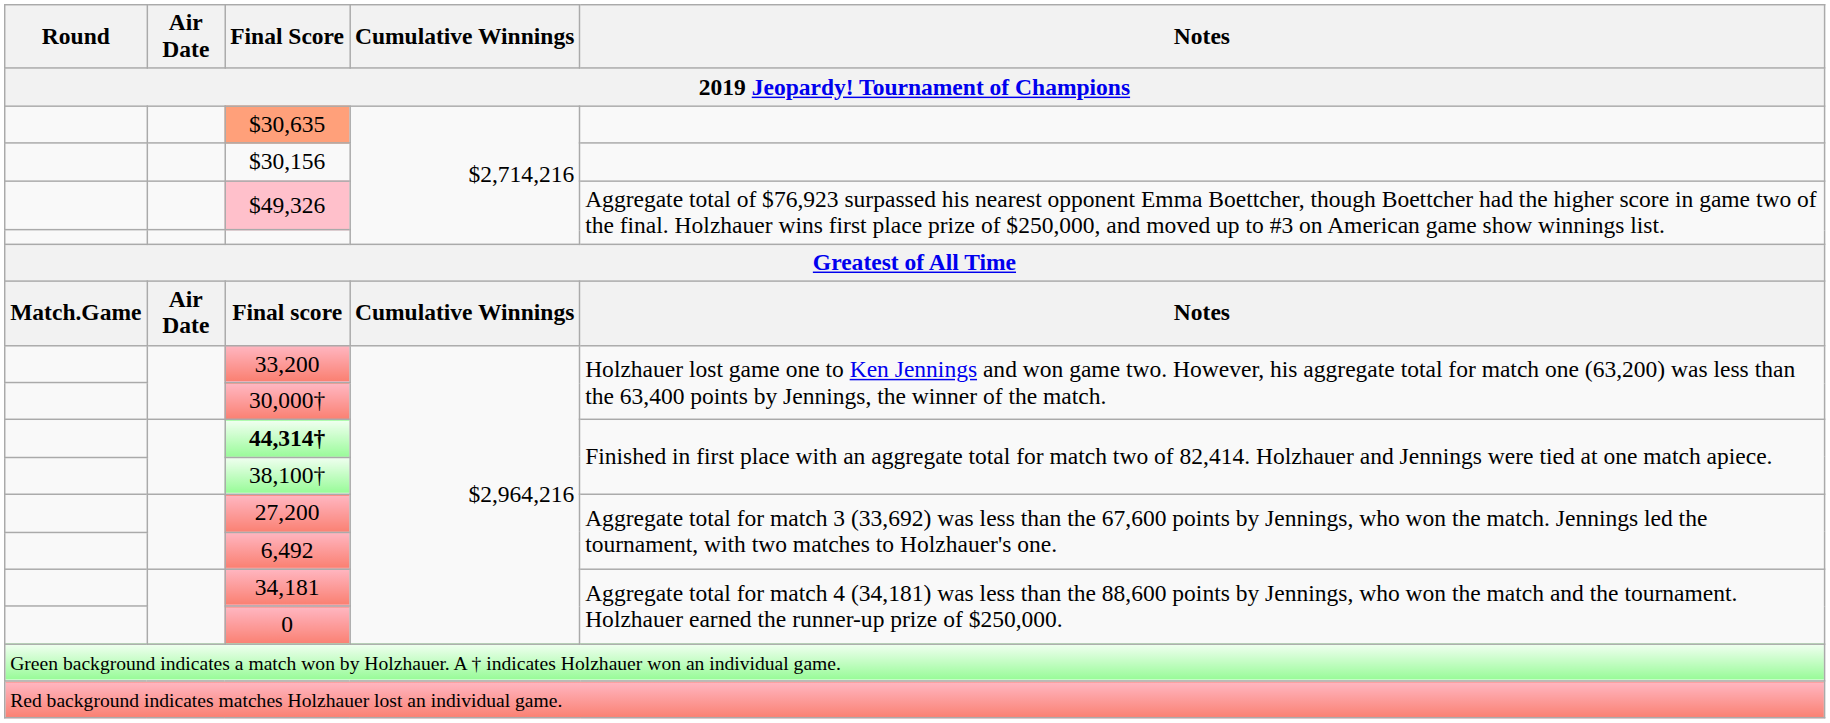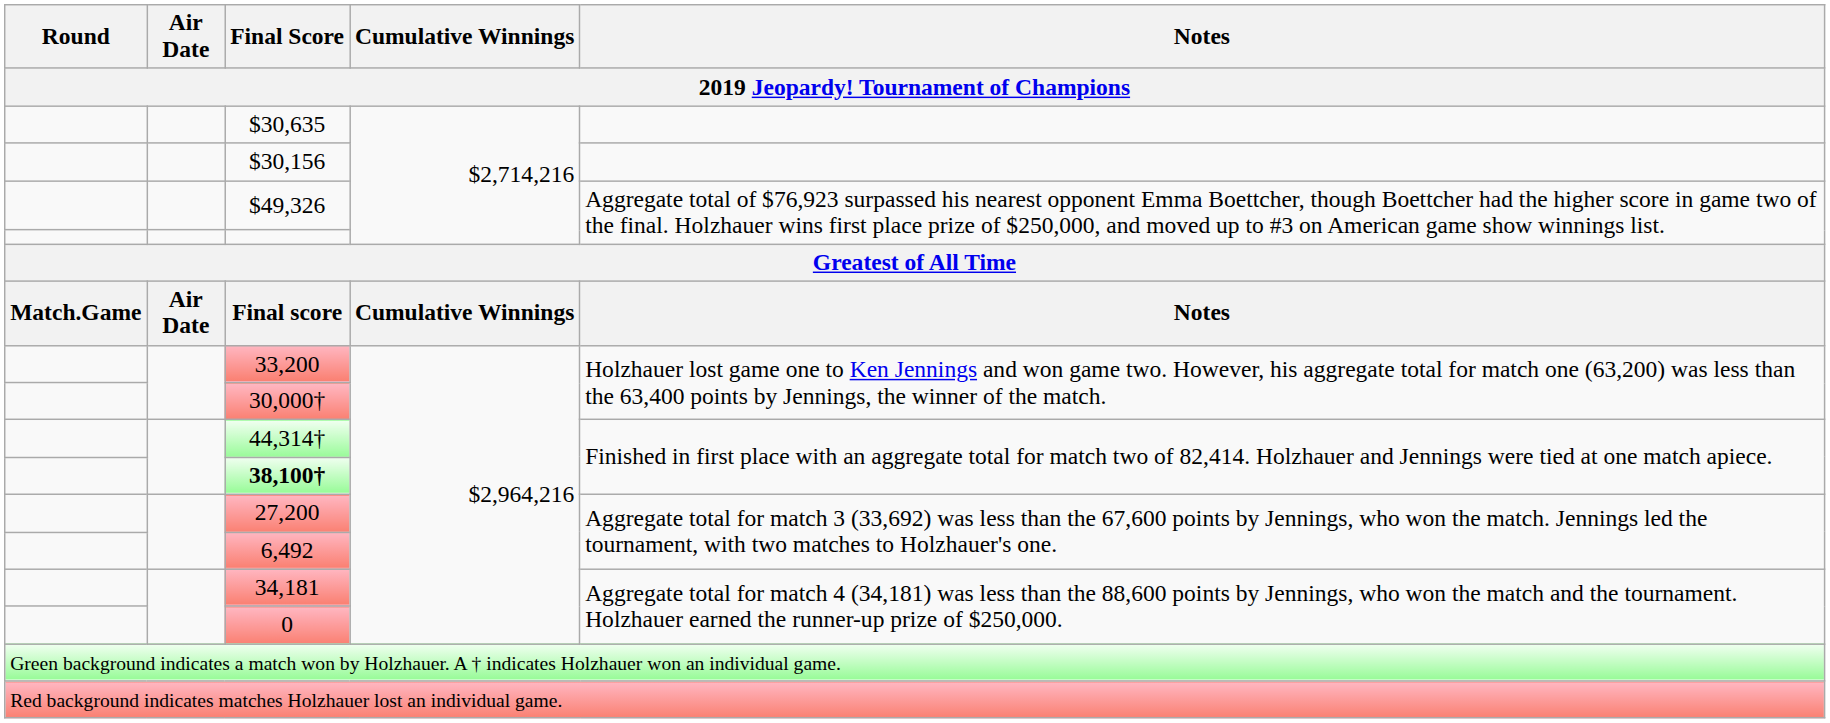 <table class="wikitable sortable mw-collapsible mw-collapsed" style="width:98%;">
 <tr>
 <th>Round</th>
 <th>Air Date</th>
 <th style="white-space:nowrap;">Final Score</th>
 <th style="white-space:nowrap;">Cumulative Winnings</th>
 <th>Notes</th>
 </tr>
 <tr>
 <th colspan=5>2019 <a href='#'>Jeopardy! Tournament of Champions</a></th>
 </tr>
 <tr>
 <td></td>
 <td></td>
-<td style="background: lightsalmon; text-align: center;">$30,635</td>
+<td style="text-align: center;">$30,635</td>
 <td rowspan="4"; style="text-align: right;">$2,714,216</td>
 <td style="text-align: center;"></td>
 </tr>
 <tr>
 <td></td>
 <td></td>
 <td style="text-align: center;">$30,156</td>
 <td style="text-align: center;"></td>
 </tr>
 <tr>
 <td></td>
 <td></td>
-<td style="background: pink; text-align: center;">$49,326</td>
+<td style="text-align: center;">$49,326</td>
 <td rowspan="2";>Aggregate total of $76,923 surpassed his nearest opponent Emma Boettcher, though Boettcher had the higher score in game two of the final. Holzhauer wins first place prize of $250,000, and moved up to #3 on American game show winnings list.</td>
 </tr>
 <tr>
 <td></td>
 <td></td>
 <td></td>
 </tr>
 <tr>
 <th colspan=5><a href='#'>Greatest of All Time</a></th>
 </tr>
 <tr>
 <th style="white-space:nowrap;">Match.Game</th>
 <th>Air Date</th>
 <th>Final score</th>
 <th>Cumulative Winnings</th>
 <th>Notes</th>
 </tr>
 <tr>
 <td></td>
 <td rowspan=2></td>
 <td style="text-align:center;background-image:linear-gradient(to bottom,lightpink,salmon)">33,200</td>
 <td rowspan=8 style="text-align:right">$2,964,216</td>
 <td rowspan=2>Holzhauer lost game one to <a href='#'>Ken Jennings</a> and won game two. However, his aggregate total for match one (63,200) was less than the 63,400 points by Jennings, the winner of the match.</td>
 </tr>
 <tr>
 <td></td>
 <td style="text-align:center;background-image:linear-gradient(to bottom,lightpink,salmon)">30,000†</td>
 </tr>
 <tr>
 <td></td>
 <td rowspan=2></td>
-<td style="text-align:center;background-image:linear-gradient(to bottom,honeydew,palegreen);"><strong>44,314†</strong></td>
+<td style="text-align:center;background-image:linear-gradient(to bottom,honeydew,palegreen);">44,314†</td>
 <td rowspan=2>Finished in first place with an aggregate total for match two of 82,414. Holzhauer and Jennings were tied at one match apiece.</td>
 </tr>
 <tr>
 <td></td>
-<td style="text-align:center;background-image:linear-gradient(to bottom,honeydew,palegreen);">38,100†</td>
+<td style="text-align:center;background-image:linear-gradient(to bottom,honeydew,palegreen);"><strong>38,100†</strong></td>
 </tr>
 <tr>
 <td></td>
 <td rowspan=2></td>
 <td style="text-align:center;background-image:linear-gradient(to bottom,lightpink,salmon)">27,200</td>
 <td rowspan=2>Aggregate total for match 3 (33,692) was less than the 67,600 points by Jennings, who won the match. Jennings led the tournament, with two matches to Holzhauer's one.</td>
 </tr>
 <tr>
 <td></td>
 <td style="text-align:center;background-image:linear-gradient(to bottom,lightpink,salmon)">6,492</td>
 </tr>
 <tr>
 <td></td>
 <td rowspan=2></td>
 <td style="text-align:center;background-image:linear-gradient(to bottom,lightpink,salmon)">34,181</td>
 <td rowspan=2>Aggregate total for match 4 (34,181) was less than the 88,600 points by Jennings, who won the match and the tournament. Holzhauer earned the runner-up prize of $250,000.</td>
 </tr>
 <tr>
 <td></td>
 <td style="text-align:center;background-image:linear-gradient(to bottom,lightpink,salmon)">0</td>
 </tr>
 <tr class="sortbottom">
 <td colspan="5" style="background-image:linear-gradient(to bottom,honeydew,palegreen); color:black; vertical-align:middle; text-align:left;"><small> Green background indicates a match won by Holzhauer. A † indicates Holzhauer won an individual game.</small></td>
 </tr>
 <tr class="sortbottom">
 <td colspan="5" style="background-image:linear-gradient(to bottom,lightpink,salmon); color:black; vertical-align: middle; text-align: left;"><small>Red background indicates matches Holzhauer lost an individual game.</small></td>
 </tr>
 </table>
